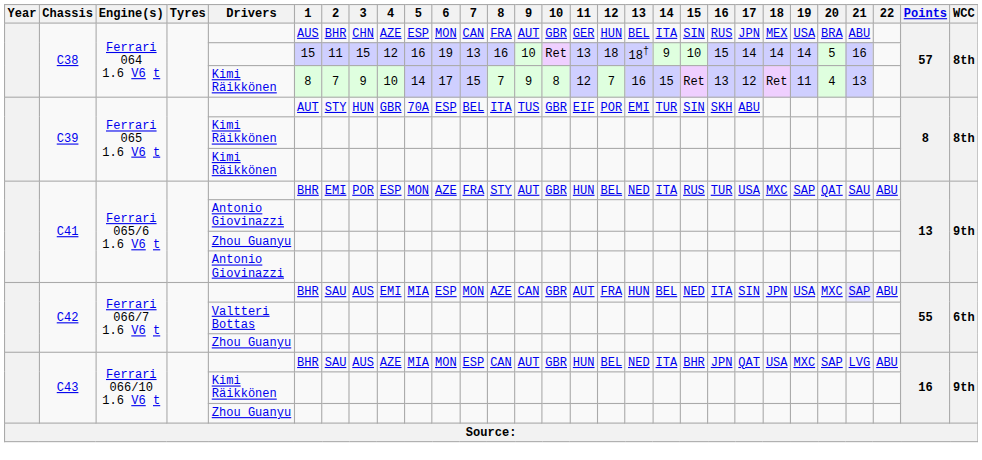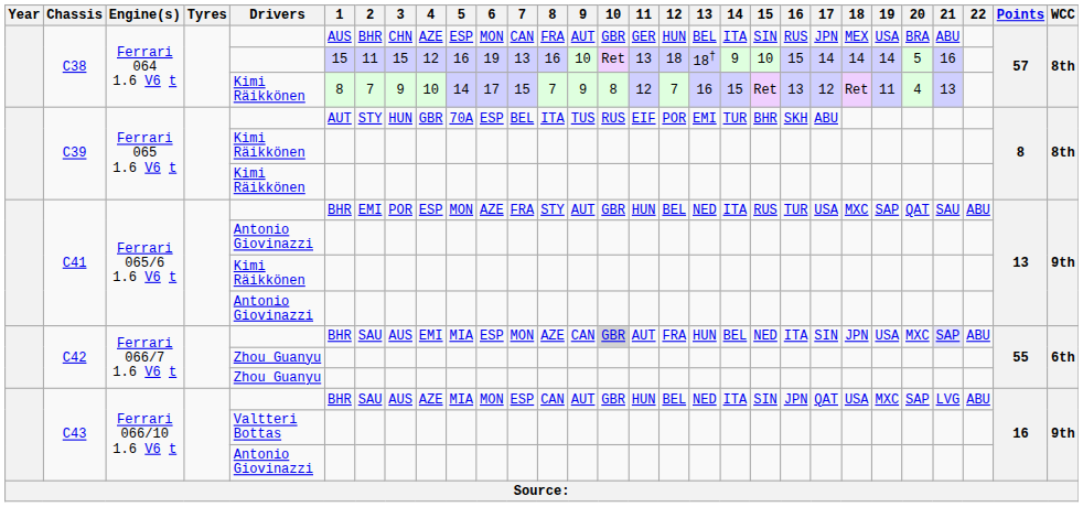 <table class="wikitable" style="text-align:center; font-size:85%">
 <tr>
 <th>Year</th>
 <th>Chassis</th>
 <th>Engine(s)</th>
 <th>Tyres</th>
 <th>Drivers</th>
 <th>1</th>
 <th>2</th>
 <th>3</th>
 <th>4</th>
 <th>5</th>
 <th>6</th>
 <th>7</th>
 <th>8</th>
 <th>9</th>
 <th>10</th>
 <th>11</th>
 <th>12</th>
 <th>13</th>
 <th>14</th>
 <th>15</th>
 <th>16</th>
 <th>17</th>
 <th>18</th>
 <th>19</th>
 <th>20</th>
 <th>21</th>
 <th>22</th>
 <th><a href='#'>Points</a></th>
 <th>WCC</th>
 </tr>
 <tr>
 <th rowspan="3"></th>
 <td rowspan="3"><a href='#'>C38</a></td>
 <td rowspan="3"><a href='#'>Ferrari</a> 064<br>1.6 <a href='#'>V6</a> <a href='#'>t</a></td>
 <td rowspan="3"></td>
 <td></td>
 <td><a href='#'>AUS</a></td>
 <td><a href='#'>BHR</a></td>
 <td><a href='#'>CHN</a></td>
 <td><a href='#'>AZE</a></td>
 <td><a href='#'>ESP</a></td>
 <td><a href='#'>MON</a></td>
 <td><a href='#'>CAN</a></td>
 <td><a href='#'>FRA</a></td>
 <td><a href='#'>AUT</a></td>
 <td><a href='#'>GBR</a></td>
 <td><a href='#'>GER</a></td>
 <td><a href='#'>HUN</a></td>
 <td><a href='#'>BEL</a></td>
 <td><a href='#'>ITA</a></td>
 <td><a href='#'>SIN</a></td>
 <td><a href='#'>RUS</a></td>
 <td><a href='#'>JPN</a></td>
 <td><a href='#'>MEX</a></td>
 <td><a href='#'>USA</a></td>
 <td><a href='#'>BRA</a></td>
 <td><a href='#'>ABU</a></td>
 <td></td>
 <th rowspan=3>57</th>
 <th rowspan=3>8th</th>
 </tr>
 <tr>
 <td align="left"></td>
 <td style="background-color:#cfcfff">15</td>
 <td style="background-color:#cfcfff">11</td>
 <td style="background-color:#cfcfff">15</td>
 <td style="background-color:#cfcfff">12</td>
 <td style="background-color:#cfcfff">16</td>
 <td style="background-color:#cfcfff">19</td>
 <td style="background-color:#cfcfff">13</td>
 <td style="background-color:#cfcfff">16</td>
 <td style="background-color:#DFFFDF">10</td>
 <td style="background-color:#EFCFFF">Ret</td>
 <td style="background-color:#cfcfff">13</td>
 <td style="background-color:#cfcfff">18</td>
 <td style="background-color:#cfcfff">18<sup>†</sup></td>
 <td style="background-color:#DFFFDF">9</td>
 <td style="background-color:#DFFFDF">10</td>
 <td style="background-color:#cfcfff">15</td>
 <td style="background-color:#cfcfff">14</td>
 <td style="background-color:#cfcfff">14</td>
 <td style="background-color:#cfcfff">14</td>
 <td style="background-color:#DFFFDF">5</td>
 <td style="background-color:#cfcfff">16</td>
 <td></td>
 </tr>
 <tr>
 <td align="left"> <a href='#'>Kimi Räikkönen</a></td>
 <td style="background-color:#DFFFDF">8</td>
 <td style="background-color:#DFFFDF">7</td>
 <td style="background-color:#DFFFDF">9</td>
 <td style="background-color:#DFFFDF">10</td>
 <td style="background-color:#cfcfff">14</td>
 <td style="background-color:#cfcfff">17</td>
 <td style="background-color:#cfcfff">15</td>
 <td style="background-color:#DFFFDF">7</td>
 <td style="background-color:#DFFFDF">9</td>
 <td style="background-color:#DFFFDF">8</td>
 <td style="background-color:#cfcfff">12</td>
 <td style="background-color:#DFFFDF">7</td>
 <td style="background-color:#cfcfff">16</td>
 <td style="background-color:#cfcfff">15</td>
 <td style="background-color:#EFCFFF">Ret</td>
 <td style="background-color:#cfcfff">13</td>
 <td style="background-color:#cfcfff">12</td>
 <td style="background-color:#EFCFFF">Ret</td>
 <td style="background-color:#cfcfff">11</td>
 <td style="background-color:#DFFFDF">4</td>
 <td style="background-color:#cfcfff">13</td>
 <td></td>
 </tr>
 <tr>
 <th rowspan="3"></th>
 <td rowspan="3"><a href='#'>C39</a></td>
 <td rowspan="3"><a href='#'>Ferrari</a> 065<br>1.6 <a href='#'>V6</a> <a href='#'>t</a></td>
 <td rowspan="3"></td>
 <td></td>
 <td><a href='#'>AUT</a></td>
 <td><a href='#'>STY</a></td>
 <td><a href='#'>HUN</a></td>
 <td><a href='#'>GBR</a></td>
 <td><a href='#'>70A</a></td>
 <td><a href='#'>ESP</a></td>
 <td><a href='#'>BEL</a></td>
 <td><a href='#'>ITA</a></td>
 <td><a href='#'>TUS</a></td>
-<td><a href='#'>GBR</a></td>
+<td><a href='#'>RUS</a></td>
 <td><a href='#'>EIF</a></td>
 <td><a href='#'>POR</a></td>
 <td><a href='#'>EMI</a></td>
 <td><a href='#'>TUR</a></td>
-<td><a href='#'>SIN</a></td>
+<td><a href='#'>BHR</a></td>
 <td><a href='#'>SKH</a></td>
 <td><a href='#'>ABU</a></td>
 <td></td>
 <td></td>
 <td></td>
 <td></td>
 <td></td>
 <th rowspan="3">8</th>
 <th rowspan="3">8th</th>
 </tr>
 <tr>
 <td align="left"> <a href='#'>Kimi Räikkönen</a></td>
 <td></td>
 <td></td>
 <td></td>
 <td></td>
 <td></td>
 <td></td>
 <td></td>
 <td></td>
 <td></td>
 <td></td>
 <td></td>
 <td></td>
 <td></td>
 <td></td>
 <td></td>
 <td></td>
 <td></td>
 <td></td>
 <td></td>
 <td></td>
 <td></td>
 <td></td>
 </tr>
 <tr>
 <td align="left"> <a href='#'>Kimi Räikkönen</a></td>
 <td></td>
 <td></td>
 <td></td>
 <td></td>
 <td></td>
 <td></td>
 <td></td>
 <td></td>
 <td></td>
 <td></td>
 <td></td>
 <td></td>
 <td></td>
 <td></td>
 <td></td>
 <td></td>
 <td></td>
 <td></td>
 <td></td>
 <td></td>
 <td></td>
 <td></td>
 </tr>
 <tr>
 <th rowspan="4"></th>
 <td rowspan="4"><a href='#'>C41</a></td>
 <td rowspan="4"><a href='#'>Ferrari</a> 065/6<br>1.6 <a href='#'>V6</a> <a href='#'>t</a></td>
 <td rowspan="4"></td>
 <td></td>
 <td><a href='#'>BHR</a></td>
 <td><a href='#'>EMI</a></td>
 <td><a href='#'>POR</a></td>
 <td><a href='#'>ESP</a></td>
 <td><a href='#'>MON</a></td>
 <td><a href='#'>AZE</a></td>
 <td><a href='#'>FRA</a></td>
 <td><a href='#'>STY</a></td>
 <td><a href='#'>AUT</a></td>
 <td><a href='#'>GBR</a></td>
 <td><a href='#'>HUN</a></td>
 <td><a href='#'>BEL</a></td>
 <td><a href='#'>NED</a></td>
 <td><a href='#'>ITA</a></td>
 <td><a href='#'>RUS</a></td>
 <td><a href='#'>TUR</a></td>
 <td><a href='#'>USA</a></td>
 <td><a href='#'>MXC</a></td>
 <td><a href='#'>SAP</a></td>
 <td><a href='#'>QAT</a></td>
 <td><a href='#'>SAU</a></td>
 <td><a href='#'>ABU</a></td>
 <th rowspan="4">13</th>
 <th rowspan="4">9th</th>
 </tr>
 <tr>
 <td align="left"> <a href='#'>Antonio Giovinazzi</a></td>
 <td></td>
 <td></td>
 <td></td>
 <td></td>
 <td></td>
 <td></td>
 <td></td>
 <td></td>
 <td></td>
 <td></td>
 <td></td>
 <td></td>
 <td></td>
 <td></td>
 <td></td>
 <td></td>
 <td></td>
 <td></td>
 <td></td>
 <td></td>
 <td></td>
 <td></td>
 </tr>
 <tr>
-<td align=left> <a href='#'>Zhou Guanyu</a></td>
+<td align="left"> <a href='#'>Kimi Räikkönen</a></td>
 <td></td>
 <td></td>
 <td></td>
 <td></td>
 <td></td>
 <td></td>
 <td></td>
 <td></td>
 <td></td>
 <td></td>
 <td></td>
 <td></td>
 <td></td>
 <td></td>
 <td></td>
 <td></td>
 <td></td>
 <td></td>
 <td></td>
 <td></td>
 <td></td>
 <td></td>
 </tr>
 <tr>
 <td align="left"> <a href='#'>Antonio Giovinazzi</a></td>
 <td></td>
 <td></td>
 <td></td>
 <td></td>
 <td></td>
 <td></td>
 <td></td>
 <td></td>
 <td></td>
 <td></td>
 <td></td>
 <td></td>
 <td></td>
 <td></td>
 <td></td>
 <td></td>
 <td></td>
 <td></td>
 <td></td>
 <td></td>
 <td></td>
 <td></td>
 </tr>
 <tr>
 <th rowspan="3"></th>
 <td rowspan="3"><a href='#'>C42</a></td>
 <td rowspan="3"><a href='#'>Ferrari</a> 066/7<br>1.6 <a href='#'>V6</a> <a href='#'>t</a></td>
 <td rowspan="3"></td>
 <td></td>
 <td><a href='#'>BHR</a></td>
 <td><a href='#'>SAU</a></td>
 <td><a href='#'>AUS</a></td>
 <td><a href='#'>EMI</a></td>
 <td><a href='#'>MIA</a></td>
 <td><a href='#'>ESP</a></td>
 <td><a href='#'>MON</a></td>
 <td><a href='#'>AZE</a></td>
 <td><a href='#'>CAN</a></td>
-<td><a href='#'>GBR</a></td>
+<td style="background: lightgrey;"><a href='#'>GBR</a></td>
 <td><a href='#'>AUT</a></td>
 <td><a href='#'>FRA</a></td>
 <td><a href='#'>HUN</a></td>
 <td><a href='#'>BEL</a></td>
 <td><a href='#'>NED</a></td>
 <td><a href='#'>ITA</a></td>
 <td><a href='#'>SIN</a></td>
 <td><a href='#'>JPN</a></td>
 <td><a href='#'>USA</a></td>
 <td><a href='#'>MXC</a></td>
 <td style="background: lavender;"><a href='#'>SAP</a></td>
 <td><a href='#'>ABU</a></td>
 <th rowspan="3">55</th>
 <th rowspan="3">6th</th>
 </tr>
 <tr>
-<td align="left"> <a href='#'>Valtteri Bottas</a></td>
+<td align=left> <a href='#'>Zhou Guanyu</a></td>
 <td></td>
 <td></td>
 <td></td>
 <td></td>
 <td></td>
 <td></td>
 <td></td>
 <td></td>
 <td></td>
 <td></td>
 <td></td>
 <td></td>
 <td></td>
 <td></td>
 <td></td>
 <td></td>
 <td></td>
 <td></td>
 <td></td>
 <td></td>
 <td></td>
 <td></td>
 </tr>
 <tr>
 <td nowrap align="left"> <a href='#'>Zhou Guanyu</a></td>
 <td></td>
 <td></td>
 <td></td>
 <td></td>
 <td></td>
 <td></td>
 <td></td>
 <td></td>
 <td></td>
 <td></td>
 <td></td>
 <td></td>
 <td></td>
 <td></td>
 <td></td>
 <td></td>
 <td></td>
 <td></td>
 <td></td>
 <td></td>
 <td></td>
 <td></td>
 </tr>
 <tr>
 <th rowspan="3"></th>
 <td rowspan="3"><a href='#'>C43</a></td>
 <td rowspan="3"><a href='#'>Ferrari</a> 066/10 1.6 <a href='#'>V6</a> <a href='#'>t</a></td>
 <td rowspan="3"></td>
 <td></td>
 <td><a href='#'>BHR</a></td>
 <td><a href='#'>SAU</a></td>
 <td><a href='#'>AUS</a></td>
 <td><a href='#'>AZE</a></td>
 <td><a href='#'>MIA</a></td>
 <td><a href='#'>MON</a></td>
 <td><a href='#'>ESP</a></td>
 <td><a href='#'>CAN</a></td>
 <td><a href='#'>AUT</a></td>
 <td><a href='#'>GBR</a></td>
 <td><a href='#'>HUN</a></td>
 <td><a href='#'>BEL</a></td>
 <td><a href='#'>NED</a></td>
 <td><a href='#'>ITA</a></td>
-<td><a href='#'>BHR</a></td>
+<td><a href='#'>SIN</a></td>
 <td><a href='#'>JPN</a></td>
 <td><a href='#'>QAT</a></td>
 <td><a href='#'>USA</a></td>
 <td><a href='#'>MXC</a></td>
 <td><a href='#'>SAP</a></td>
 <td><a href='#'>LVG</a></td>
 <td><a href='#'>ABU</a></td>
 <th rowspan="3">16</th>
 <th rowspan="3">9th</th>
 </tr>
 <tr>
-<td align="left"> <a href='#'>Kimi Räikkönen</a></td>
+<td align="left"> <a href='#'>Valtteri Bottas</a></td>
 <td></td>
 <td></td>
 <td></td>
 <td></td>
 <td></td>
 <td></td>
 <td></td>
 <td></td>
 <td></td>
 <td></td>
 <td></td>
 <td></td>
 <td></td>
 <td></td>
 <td></td>
 <td></td>
 <td></td>
 <td></td>
 <td></td>
 <td></td>
 <td></td>
 <td></td>
 </tr>
 <tr>
-<td align=left> <a href='#'>Zhou Guanyu</a></td>
+<td align="left"> <a href='#'>Antonio Giovinazzi</a></td>
 <td></td>
 <td></td>
 <td></td>
 <td></td>
 <td></td>
 <td></td>
 <td></td>
 <td></td>
 <td></td>
 <td></td>
 <td></td>
 <td></td>
 <td></td>
 <td></td>
 <td></td>
 <td></td>
 <td></td>
 <td></td>
 <td></td>
 <td></td>
 <td></td>
 <td></td>
 </tr>
 <tr>
 <th colspan="29">Source:</th>
 </tr>
 </table>
